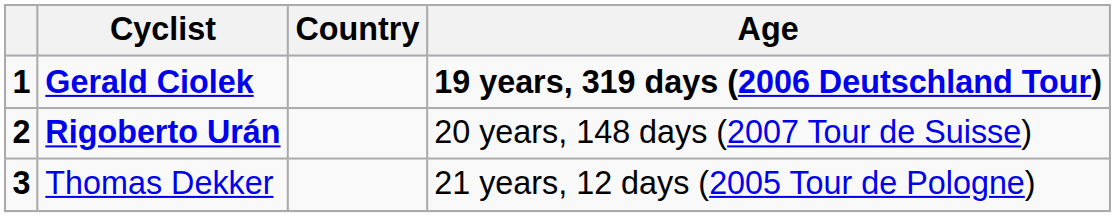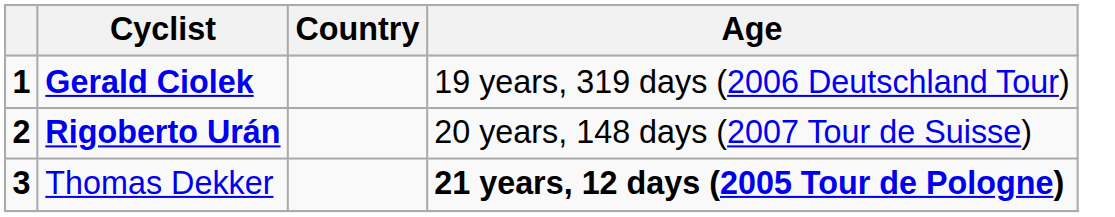 <table class="wikitable">
 <tr style="background:#ccccff;">
 <th></th>
 <th>Cyclist</th>
 <th>Country</th>
 <th>Age</th>
 </tr>
 <tr>
 <td><strong>1</strong></td>
 <td><strong><a href='#'>Gerald Ciolek</a></strong></td>
 <td></td>
-<td><strong>19 years, 319 days (<a href='#'>2006 Deutschland Tour</a>)</strong></td>
+<td>19 years, 319 days (<a href='#'>2006 Deutschland Tour</a>)</td>
 </tr>
 <tr>
 <td><strong>2</strong></td>
 <td><strong><a href='#'>Rigoberto Urán</a></strong></td>
 <td></td>
 <td>20 years, 148 days (<a href='#'>2007 Tour de Suisse</a>)</td>
 </tr>
 <tr>
 <td><strong>3</strong></td>
 <td><a href='#'>Thomas Dekker</a></td>
 <td></td>
-<td>21 years, 12 days (<a href='#'>2005 Tour de Pologne</a>)</td>
+<td><strong>21 years, 12 days (<a href='#'>2005 Tour de Pologne</a>)</strong></td>
 </tr>
 <tr>
 </tr>
 </table>
